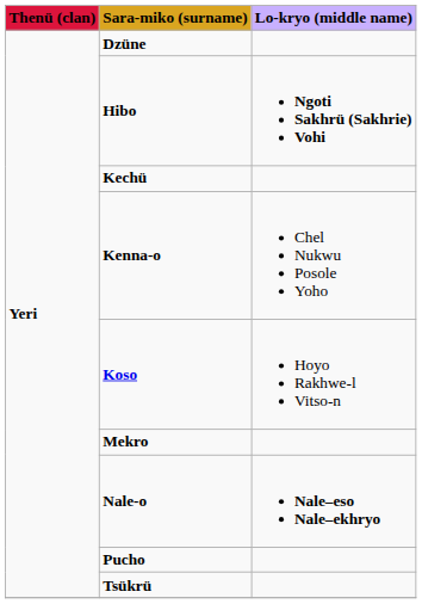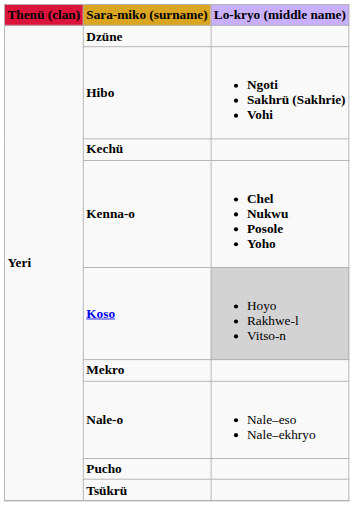 <table class="wikitable sortable">
 <tr>
 <th style="background-color:crimson"><strong>Thenü (clan)</strong></th>
 <th style="background-color:#DAA520"><strong>Sara-miko</strong> (surname)</th>
 <th style="background-color:#c8b0ff"><strong>Lo-kryo</strong> (middle name)</th>
 </tr>
 <tr>
 <td rowspan=9><strong>Yeri</strong></td>
 <td><strong>Dzüne</strong></td>
 <td></td>
 </tr>
 <tr>
 <td><strong>Hibo</strong></td>
 <td><strong><br><ul><li>Ngoti</li><li>Sakhrü (Sakhrie)</li><li>Vohi</li></ul></strong></td>
 </tr>
 <tr>
 <td><strong>Kechü</strong></td>
 <td></td>
 </tr>
 <tr>
 <td><strong>Kenna-o</strong></td>
-<td><br><ul><li>Chel</li><li>Nukwu</li><li>Posole</li><li>Yoho</li></ul></td>
+<td><strong><br><ul><li>Chel</li><li>Nukwu</li><li>Posole</li><li>Yoho</li></ul></strong></td>
 </tr>
 <tr>
 <td><strong><a href='#'>Koso</a></strong></td>
-<td><br><ul><li>Hoyo</li><li>Rakhwe-l</li><li>Vitso-n</li></ul></td>
+<td style="background: lightgrey;"><br><ul><li>Hoyo</li><li>Rakhwe-l</li><li>Vitso-n</li></ul></td>
 </tr>
 <tr>
 <td><strong>Mekro</strong></td>
 <td></td>
 </tr>
 <tr>
 <td><strong>Nale-o</strong></td>
-<td><strong><br><ul><li>Nale–eso</li><li>Nale–ekhryo</li></ul></strong></td>
+<td><br><ul><li>Nale–eso</li><li>Nale–ekhryo</li></ul></td>
 </tr>
 <tr>
 <td><strong>Pucho</strong></td>
 <td></td>
 </tr>
 <tr>
 <td><strong>Tsükrü</strong></td>
 <td></td>
 </tr>
 <tr>
 </tr>
 </table>
